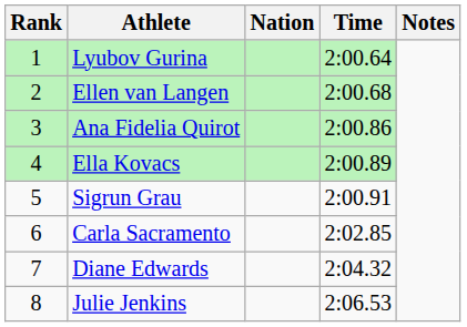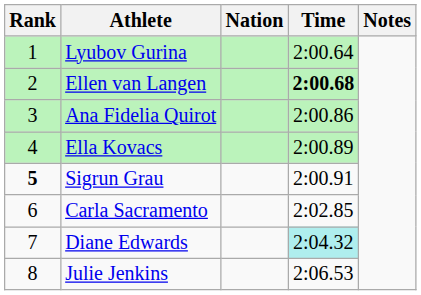 <table class="wikitable sortable" style="text-align:center">
 <tr>
 <th>Rank</th>
 <th>Athlete</th>
 <th>Nation</th>
 <th>Time</th>
 <th>Notes</th>
 </tr>
 <tr style="background:#bbf3bb;">
 <td>1</td>
 <td align=left><a href='#'>Lyubov Gurina</a></td>
 <td align=left></td>
 <td>2:00.64</td>
 </tr>
 <tr style="background:#bbf3bb;">
 <td>2</td>
 <td align=left><a href='#'>Ellen van Langen</a></td>
 <td align=left></td>
-<td>2:00.68</td>
+<td><strong>2:00.68</strong></td>
 </tr>
 <tr style="background:#bbf3bb;">
 <td>3</td>
 <td align=left><a href='#'>Ana Fidelia Quirot</a></td>
 <td align=left></td>
 <td>2:00.86</td>
 </tr>
 <tr style="background:#bbf3bb;">
 <td>4</td>
 <td align=left><a href='#'>Ella Kovacs</a></td>
 <td align=left></td>
 <td>2:00.89</td>
 </tr>
 <tr>
-<td>5</td>
+<td><strong>5</strong></td>
 <td align=left><a href='#'>Sigrun Grau</a></td>
 <td align=left></td>
 <td>2:00.91</td>
 </tr>
 <tr>
 <td>6</td>
 <td align=left><a href='#'>Carla Sacramento</a></td>
 <td align=left></td>
 <td>2:02.85</td>
 </tr>
 <tr>
 <td>7</td>
 <td align=left><a href='#'>Diane Edwards</a></td>
 <td align=left></td>
-<td>2:04.32</td>
+<td style="background: paleturquoise;">2:04.32</td>
 </tr>
 <tr>
 <td>8</td>
 <td align=left><a href='#'>Julie Jenkins</a></td>
 <td align=left></td>
 <td>2:06.53</td>
 </tr>
 </table>
